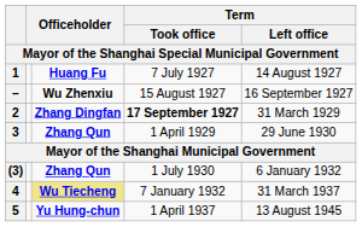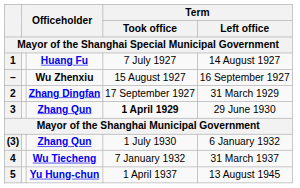 <table class="wikitable" style="text-align:center">
 <tr>
 <th rowspan="2"></th>
 <th colspan="2" rowspan="2">Officeholder</th>
 <th colspan="2">Term</th>
 </tr>
 <tr>
 <th>Took office</th>
 <th>Left office</th>
 </tr>
 <tr>
 <th colspan="5">Mayor of the Shanghai Special Municipal Government</th>
 </tr>
 <tr>
 <th>1</th>
 <td></td>
 <td><strong><a href='#'>Huang Fu</a></strong><br></td>
 <td>7 July 1927</td>
 <td>14 August 1927</td>
 </tr>
 <tr>
 <th>–</th>
 <td></td>
 <td><strong>Wu Zhenxiu</strong><br></td>
 <td>15 August 1927</td>
 <td>16 September 1927</td>
 </tr>
 <tr>
 <th>2</th>
 <td></td>
 <td><strong><a href='#'>Zhang Dingfan</a></strong><br></td>
-<td><strong>17 September 1927</strong></td>
+<td>17 September 1927</td>
 <td>31 March 1929</td>
 </tr>
 <tr>
 <th>3</th>
 <td></td>
 <td><strong><a href='#'>Zhang Qun</a></strong><br></td>
-<td>1 April 1929</td>
+<td><strong>1 April 1929</strong></td>
 <td>29 June 1930</td>
 </tr>
 <tr>
 <th colspan="5">Mayor of the Shanghai Municipal Government</th>
 </tr>
 <tr>
 <th>(3)</th>
 <td></td>
 <td><strong><a href='#'>Zhang Qun</a></strong><br></td>
 <td>1 July 1930</td>
 <td>6 January 1932</td>
 </tr>
 <tr>
 <th>4</th>
 <td></td>
-<td style="background: khaki;"><strong><a href='#'>Wu Tiecheng</a></strong><br></td>
+<td><strong><a href='#'>Wu Tiecheng</a></strong><br></td>
 <td>7 January 1932</td>
 <td>31 March 1937</td>
 </tr>
 <tr>
 <th>5</th>
 <td></td>
 <td><strong><a href='#'>Yu Hung-chun</a></strong><br></td>
 <td>1 April 1937</td>
 <td>13 August 1945</td>
 </tr>
 </table>
